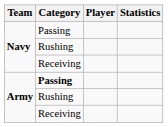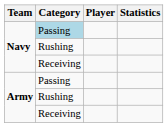 <table class="wikitable" style="float: left;">
 <tr>
 <th>Team</th>
 <th>Category</th>
 <th>Player</th>
 <th>Statistics</th>
 </tr>
 <tr>
 <td rowspan=3><strong>Navy</strong></td>
-<td>Passing</td>
+<td style="background: lightblue;">Passing</td>
 <td></td>
 <td></td>
 </tr>
 <tr>
 <td>Rushing</td>
 <td></td>
 <td></td>
 </tr>
 <tr>
 <td>Receiving</td>
 <td></td>
 <td></td>
 </tr>
 <tr>
 <td rowspan=3><strong>Army</strong></td>
-<td><strong>Passing</strong></td>
+<td>Passing</td>
 <td></td>
 <td></td>
 </tr>
 <tr>
 <td>Rushing</td>
 <td></td>
 <td></td>
 </tr>
 <tr>
 <td>Receiving</td>
 <td></td>
 <td></td>
 </tr>
 </table>
